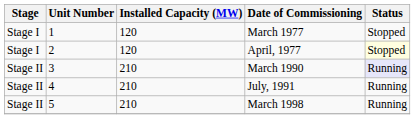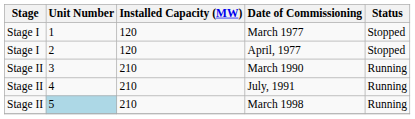 <table class="sortable wikitable">
 <tr>
 <th>Stage</th>
 <th>Unit Number</th>
 <th>Installed Capacity (<a href='#'>MW</a>)</th>
 <th>Date of Commissioning</th>
 <th>Status</th>
 </tr>
 <tr>
 <td>Stage I</td>
 <td>1</td>
 <td>120</td>
 <td>March 1977</td>
 <td>Stopped</td>
 </tr>
 <tr>
 <td>Stage I</td>
 <td>2</td>
 <td>120</td>
 <td>April, 1977</td>
-<td style="background: lightyellow;">Stopped</td>
+<td>Stopped</td>
 </tr>
 <tr>
 <td>Stage II</td>
 <td>3</td>
 <td>210</td>
 <td>March 1990</td>
-<td style="background: lavender;">Running</td>
+<td>Running</td>
 </tr>
 <tr>
 <td>Stage II</td>
 <td>4</td>
 <td>210</td>
 <td>July, 1991</td>
 <td>Running</td>
 </tr>
 <tr>
 <td>Stage II</td>
-<td>5</td>
+<td style="background: lightblue;">5</td>
 <td>210</td>
 <td>March 1998</td>
 <td>Running</td>
 </tr>
 <tr>
 </tr>
 </table>
